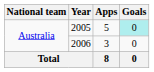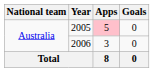 <table class="wikitable" style="text-align:center">
 <tr>
 <th>National team</th>
 <th>Year</th>
 <th>Apps</th>
 <th>Goals</th>
 </tr>
 <tr>
 <td rowspan="2"><a href='#'>Australia</a></td>
 <td>2005</td>
-<td>5</td>
-<td style="background: paleturquoise;">0</td>
+<td style="background: pink;">5</td>
+<td>0</td>
 </tr>
 <tr>
 <td>2006</td>
 <td>3</td>
 <td>0</td>
 </tr>
 <tr>
 <th colspan="2">Total</th>
 <th>8</th>
 <th>0</th>
 </tr>
 </table>
